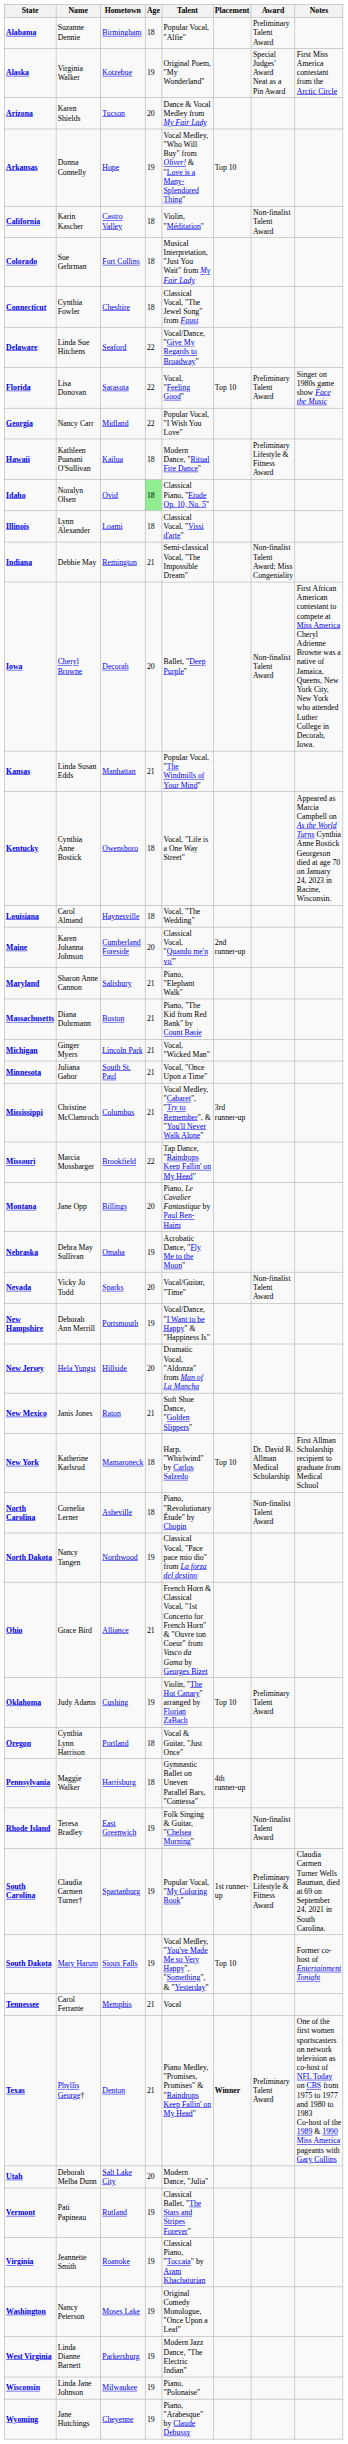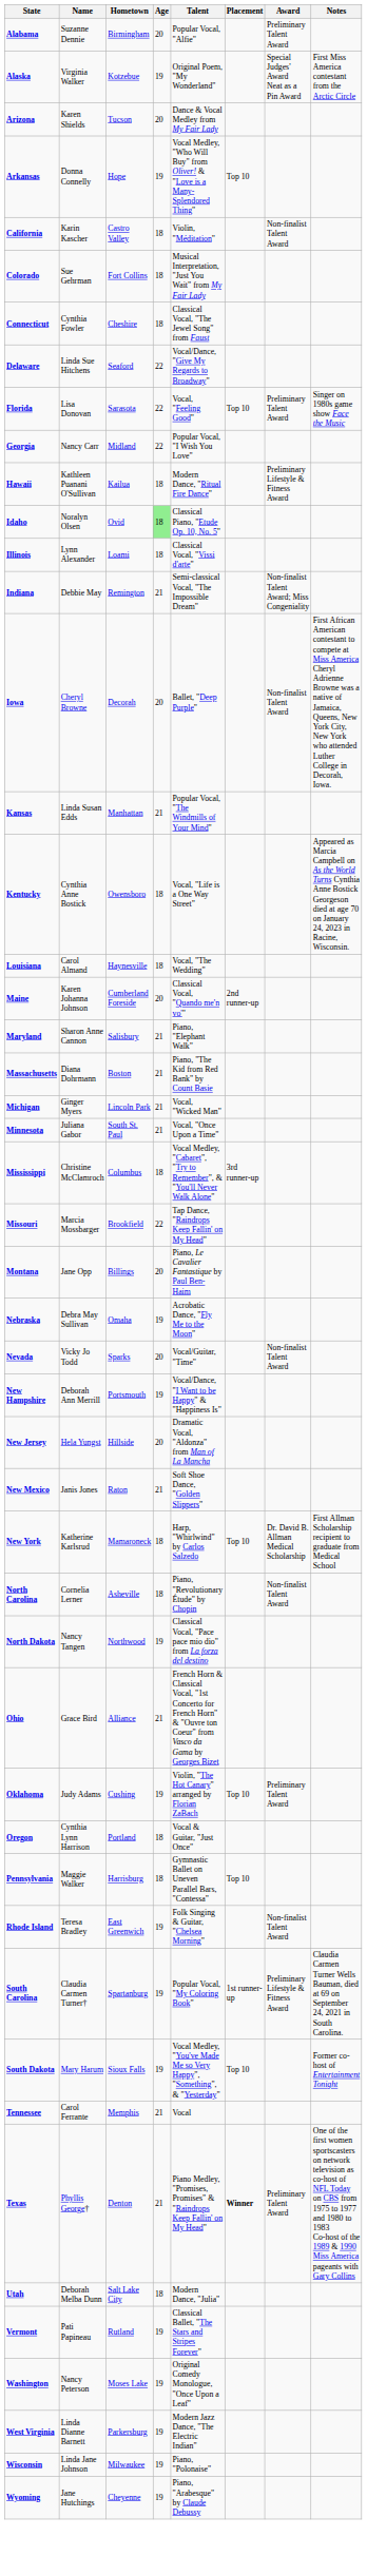 <table class="wikitable" style="width:100%; font-size:90%;">
 <tr>
 <th>State</th>
 <th>Name</th>
 <th>Hometown</th>
 <th>Age</th>
 <th>Talent</th>
 <th>Placement</th>
 <th>Award</th>
 <th>Notes</th>
 </tr>
 <tr>
 <td> <strong><a href='#'>Alabama</a></strong></td>
 <td>Suzanne Dennie</td>
 <td><a href='#'>Birmingham</a></td>
-<td>18</td>
+<td>20</td>
 <td>Popular Vocal, "Alfie"</td>
 <td></td>
 <td>Preliminary Talent Award</td>
 <td></td>
 </tr>
 <tr>
 <td> <strong><a href='#'>Alaska</a></strong></td>
 <td>Virginia Walker</td>
 <td><a href='#'>Kotzebue</a></td>
 <td>19</td>
 <td>Original Poem, "My Wonderland"</td>
 <td></td>
 <td>Special Judges' Award<br>Neat as a Pin Award</td>
 <td>First Miss America contestant from the <a href='#'>Arctic Circle</a></td>
 </tr>
 <tr>
 <td> <strong><a href='#'>Arizona</a></strong></td>
 <td>Karen Shields</td>
 <td><a href='#'>Tucson</a></td>
 <td>20</td>
 <td>Dance & Vocal Medley from <em><a href='#'>My Fair Lady</a></em></td>
 <td></td>
 <td></td>
 <td></td>
 </tr>
 <tr>
 <td> <strong><a href='#'>Arkansas</a></strong></td>
 <td>Donna Connelly</td>
 <td><a href='#'>Hope</a></td>
 <td>19</td>
 <td>Vocal Medley, "Who Will Buy" from <em><a href='#'>Oliver!</a></em> & "<a href='#'>Love is a Many-Splendored Thing</a>"</td>
 <td>Top 10</td>
 <td></td>
 <td></td>
 </tr>
 <tr>
 <td> <strong><a href='#'>California</a></strong></td>
 <td>Karin Kascher</td>
 <td><a href='#'>Castro Valley</a></td>
 <td>18</td>
 <td>Violin, "<a href='#'>Méditation</a>"</td>
 <td></td>
 <td>Non-finalist Talent Award</td>
 <td></td>
 </tr>
 <tr>
 <td> <strong><a href='#'>Colorado</a></strong></td>
 <td>Sue Gehrman</td>
 <td><a href='#'>Fort Collins</a></td>
 <td>18</td>
 <td>Musical Interpretation, "Just You Wait" from <em><a href='#'>My Fair Lady</a></em></td>
 <td></td>
 <td></td>
 <td></td>
 </tr>
 <tr>
 <td> <strong><a href='#'>Connecticut</a></strong></td>
 <td>Cynthia Fowler</td>
 <td><a href='#'>Cheshire</a></td>
 <td>18</td>
 <td>Classical Vocal, "The Jewel Song" from <em><a href='#'>Faust</a></em></td>
 <td></td>
 <td></td>
 <td></td>
 </tr>
 <tr>
 <td> <strong><a href='#'>Delaware</a></strong></td>
 <td>Linda Sue Hitchens</td>
 <td><a href='#'>Seaford</a></td>
 <td>22</td>
 <td>Vocal/Dance, "<a href='#'>Give My Regards to Broadway</a>"</td>
 <td></td>
 <td></td>
 <td></td>
 </tr>
 <tr>
 <td> <strong><a href='#'>Florida</a></strong></td>
 <td>Lisa Donovan</td>
 <td><a href='#'>Sarasota</a></td>
 <td>22</td>
 <td>Vocal, "<a href='#'>Feeling Good</a>"</td>
 <td>Top 10</td>
 <td>Preliminary Talent Award</td>
 <td>Singer on 1980s game show <em><a href='#'>Face the Music</a></em></td>
 </tr>
 <tr>
 <td> <strong><a href='#'>Georgia</a></strong></td>
 <td>Nancy Carr</td>
 <td><a href='#'>Midland</a></td>
 <td>22</td>
 <td>Popular Vocal, "I Wish You Love"</td>
 <td></td>
 <td></td>
 <td></td>
 </tr>
 <tr>
 <td> <strong><a href='#'>Hawaii</a></strong></td>
 <td>Kathleen Puanani O'Sullivan</td>
 <td><a href='#'>Kailua</a></td>
 <td>18</td>
 <td>Modern Dance, "<a href='#'>Ritual Fire Dance</a>"</td>
 <td></td>
 <td>Preliminary Lifestyle & Fitness Award</td>
 <td></td>
 </tr>
 <tr>
 <td> <strong><a href='#'>Idaho</a></strong></td>
 <td>Noralyn Olsen</td>
 <td><a href='#'>Ovid</a></td>
 <td style="background: lightgreen;">18</td>
 <td>Classical Piano, "<a href='#'>Etude Op. 10, No. 5</a>"</td>
 <td></td>
 <td></td>
 <td></td>
 </tr>
 <tr>
 <td> <strong><a href='#'>Illinois</a></strong></td>
 <td>Lynn Alexander</td>
 <td><a href='#'>Loami</a></td>
 <td>18</td>
 <td>Classical Vocal, "<a href='#'>Vissi d'arte</a>"</td>
 <td></td>
 <td></td>
 <td></td>
 </tr>
 <tr>
 <td> <strong><a href='#'>Indiana</a></strong></td>
 <td>Debbie May</td>
 <td><a href='#'>Remington</a></td>
 <td>21</td>
 <td>Semi-classical Vocal, "The Impossible Dream"</td>
 <td></td>
 <td>Non-finalist Talent Award; Miss Congeniality</td>
 <td></td>
 </tr>
 <tr>
 <td> <strong><a href='#'>Iowa</a></strong></td>
 <td><a href='#'>Cheryl Browne</a></td>
 <td><a href='#'>Decorah</a></td>
 <td>20</td>
 <td>Ballet, "<a href='#'>Deep Purple</a>"</td>
 <td></td>
 <td>Non-finalist Talent Award</td>
 <td>First African American contestant to compete at <a href='#'>Miss America</a> Cheryl Adrienne Browne was a native of Jamaica, Queens, New York City, New York who attended Luther College in Decorah, Iowa.</td>
 </tr>
 <tr>
 <td> <strong><a href='#'>Kansas</a></strong></td>
 <td>Linda Susan Edds</td>
 <td><a href='#'>Manhattan</a></td>
 <td>21</td>
 <td>Popular Vocal, "<a href='#'>The Windmills of Your Mind</a>"</td>
 <td></td>
 <td></td>
 <td></td>
 </tr>
 <tr>
 <td> <strong><a href='#'>Kentucky</a></strong></td>
 <td>Cynthia Anne Bostick</td>
 <td><a href='#'>Owensboro</a></td>
 <td>18</td>
 <td>Vocal, "Life is a One Way Street"</td>
 <td></td>
 <td></td>
 <td>Appeared as Marcia Campbell on <em><a href='#'>As the World Turns</a></em> Cynthia Anne Bostick Georgeson died at age 70 on January 24, 2023 in Racine, Wisconsin.</td>
 </tr>
 <tr>
 <td> <strong><a href='#'>Louisiana</a></strong></td>
 <td>Carol Almand</td>
 <td><a href='#'>Haynesville</a></td>
 <td>18</td>
 <td>Vocal, "The Wedding"</td>
 <td></td>
 <td></td>
 <td></td>
 </tr>
 <tr>
 <td> <strong><a href='#'>Maine</a></strong></td>
 <td>Karen Johanna Johnson</td>
 <td><a href='#'>Cumberland Foreside</a></td>
 <td>20</td>
 <td>Classical Vocal, "<a href='#'>Quando me'n vo'</a>"</td>
 <td>2nd runner-up</td>
 <td></td>
 <td></td>
 </tr>
 <tr>
 <td> <strong><a href='#'>Maryland</a></strong></td>
 <td>Sharon Anne Cannon</td>
 <td><a href='#'>Salisbury</a></td>
 <td>21</td>
 <td>Piano, "Elephant Walk"</td>
 <td></td>
 <td></td>
 <td></td>
 </tr>
 <tr>
 <td> <strong><a href='#'>Massachusetts</a></strong></td>
 <td>Diana Dohrmann</td>
 <td><a href='#'>Boston</a></td>
 <td>21</td>
 <td>Piano, "The Kid from Red Bank" by <a href='#'>Count Basie</a></td>
 <td></td>
 <td></td>
 <td></td>
 </tr>
 <tr>
 <td> <strong><a href='#'>Michigan</a></strong></td>
 <td>Ginger Myers</td>
 <td><a href='#'>Lincoln Park</a></td>
 <td>21</td>
 <td>Vocal, "Wicked Man"</td>
 <td></td>
 <td></td>
 <td></td>
 </tr>
 <tr>
 <td> <strong><a href='#'>Minnesota</a></strong></td>
 <td>Juliana Gabor</td>
 <td><a href='#'>South St. Paul</a></td>
 <td>21</td>
 <td>Vocal, "Once Upon a Time"</td>
 <td></td>
 <td></td>
 <td></td>
 </tr>
 <tr>
 <td> <strong><a href='#'>Mississippi</a></strong></td>
 <td>Christine McClamroch</td>
 <td><a href='#'>Columbus</a></td>
-<td>21</td>
+<td>18</td>
 <td>Vocal Medley, "<a href='#'>Cabaret</a>", "<a href='#'>Try to Remember</a>", & "<a href='#'>You'll Never Walk Alone</a>"</td>
 <td>3rd runner-up</td>
 <td></td>
 <td></td>
 </tr>
 <tr>
 <td> <strong><a href='#'>Missouri</a></strong></td>
 <td>Marcia Mossbarger</td>
 <td><a href='#'>Brookfield</a></td>
 <td>22</td>
 <td>Tap Dance, "<a href='#'>Raindrops Keep Fallin' on My Head</a>"</td>
 <td></td>
 <td></td>
 <td></td>
 </tr>
 <tr>
 <td> <strong><a href='#'>Montana</a></strong></td>
 <td>Jane Opp</td>
 <td><a href='#'>Billings</a></td>
 <td>20</td>
 <td>Piano, <em>Le Cavalier Fantastique</em> by <a href='#'>Paul Ben-Haim</a></td>
 <td></td>
 <td></td>
 <td></td>
 </tr>
 <tr>
 <td> <strong><a href='#'>Nebraska</a></strong></td>
 <td>Debra May Sullivan</td>
 <td><a href='#'>Omaha</a></td>
 <td>19</td>
 <td>Acrobatic Dance, "<a href='#'>Fly Me to the Moon</a>"</td>
 <td></td>
 <td></td>
 <td></td>
 </tr>
 <tr>
 <td> <strong><a href='#'>Nevada</a></strong></td>
 <td>Vicky Jo Todd</td>
 <td><a href='#'>Sparks</a></td>
 <td>20</td>
 <td>Vocal/Guitar, "Time"</td>
 <td></td>
 <td>Non-finalist Talent Award</td>
 <td></td>
 </tr>
 <tr>
 <td> <strong><a href='#'>New Hampshire</a></strong></td>
 <td>Deborah Ann Merrill</td>
 <td><a href='#'>Portsmouth</a></td>
 <td>19</td>
 <td>Vocal/Dance, "<a href='#'>I Want to be Happy</a>" & "Happiness Is"</td>
 <td></td>
 <td></td>
 <td></td>
 </tr>
 <tr>
 <td> <strong><a href='#'>New Jersey</a></strong></td>
 <td><a href='#'>Hela Yungst</a></td>
 <td><a href='#'>Hillside</a></td>
 <td>20</td>
 <td>Dramatic Vocal, "Aldonza" from <em><a href='#'>Man of La Mancha</a></em></td>
 <td></td>
 <td></td>
 <td></td>
 </tr>
 <tr>
 <td> <strong><a href='#'>New Mexico</a></strong></td>
 <td>Janis Jones</td>
 <td><a href='#'>Raton</a></td>
 <td>21</td>
 <td>Soft Shoe Dance, "<a href='#'>Golden Slippers</a>"</td>
 <td></td>
 <td></td>
 <td></td>
 </tr>
 <tr>
 <td> <strong><a href='#'>New York</a></strong></td>
 <td>Katherine Karlsrud</td>
 <td><a href='#'>Mamaroneck</a></td>
 <td>18</td>
 <td>Harp, "Whirlwind" by <a href='#'>Carlos Salzedo</a></td>
 <td>Top 10</td>
 <td>Dr. David B. Allman Medical Scholarship</td>
 <td>First Allman Scholarship recipient to graduate from Medical School</td>
 </tr>
 <tr>
 <td> <strong><a href='#'>North Carolina</a></strong></td>
 <td>Cornelia Lerner</td>
 <td><a href='#'>Asheville</a></td>
 <td>18</td>
 <td>Piano, "Revolutionary Étude" by <a href='#'>Chopin</a></td>
 <td></td>
 <td>Non-finalist Talent Award</td>
 <td></td>
 </tr>
 <tr>
 <td> <strong><a href='#'>North Dakota</a></strong></td>
 <td>Nancy Tangen</td>
 <td><a href='#'>Northwood</a></td>
 <td>19</td>
 <td>Classical Vocal, "Pace pace mio dio" from <em><a href='#'>La forza del destino</a></em></td>
 <td></td>
 <td></td>
 <td></td>
 </tr>
 <tr>
 <td> <strong><a href='#'>Ohio</a></strong></td>
 <td>Grace Bird</td>
 <td><a href='#'>Alliance</a></td>
 <td>21</td>
 <td>French Horn & Classical Vocal, "1st Concerto for French Horn" & "Ouvre ton Coeur" from <em>Vasco da Gama</em> by <a href='#'>Georges Bizet</a></td>
 <td></td>
 <td></td>
 <td></td>
 </tr>
 <tr>
 <td> <strong><a href='#'>Oklahoma</a></strong></td>
 <td>Judy Adams</td>
 <td><a href='#'>Cushing</a></td>
 <td>19</td>
 <td>Violin, "<a href='#'>The Hot Canary</a>" arranged by <a href='#'>Florian ZaBach</a></td>
 <td>Top 10</td>
 <td>Preliminary Talent Award</td>
 <td></td>
 </tr>
 <tr>
 <td> <strong><a href='#'>Oregon</a></strong></td>
 <td>Cynthia Lynn Harrison</td>
 <td><a href='#'>Portland</a></td>
 <td>18</td>
 <td>Vocal & Guitar, "Just Once"</td>
 <td></td>
 <td></td>
 <td></td>
 </tr>
 <tr>
 <td> <strong><a href='#'>Pennsylvania</a></strong></td>
 <td>Maggie Walker</td>
 <td><a href='#'>Harrisburg</a></td>
 <td>18</td>
 <td>Gymnastic Ballet on Uneven Parallel Bars, "Contessa"</td>
-<td>4th runner-up</td>
+<td>Top 10</td>
 <td></td>
 <td></td>
 </tr>
 <tr>
 <td> <strong><a href='#'>Rhode Island</a></strong></td>
 <td>Teresa Bradley</td>
 <td><a href='#'>East Greenwich</a></td>
 <td>19</td>
 <td>Folk Singing & Guitar, "<a href='#'>Chelsea Morning</a>"</td>
 <td></td>
 <td>Non-finalist Talent Award</td>
 <td></td>
 </tr>
 <tr>
 <td> <strong><a href='#'>South Carolina</a></strong></td>
 <td>Claudia Carmen Turner†</td>
 <td><a href='#'>Spartanburg</a></td>
 <td>19</td>
 <td>Popular Vocal, "<a href='#'>My Coloring Book</a>"</td>
 <td>1st runner-up</td>
 <td>Preliminary Lifestyle & Fitness Award</td>
 <td>Claudia Carmen Turner Wells Bauman, died at 69 on September 24, 2021 in South Carolina.</td>
 </tr>
 <tr>
 <td> <strong><a href='#'>South Dakota</a></strong></td>
 <td><a href='#'>Mary Harum</a></td>
 <td><a href='#'>Sioux Falls</a></td>
 <td>19</td>
 <td>Vocal Medley, "<a href='#'>You've Made Me so Very Happy</a>", "<a href='#'>Something</a>", & "<a href='#'>Yesterday</a>"</td>
 <td>Top 10</td>
 <td></td>
 <td>Former co-host of <em><a href='#'>Entertainment Tonight</a></em></td>
 </tr>
 <tr>
 <td> <strong><a href='#'>Tennessee</a></strong></td>
 <td>Carol Ferrante</td>
 <td><a href='#'>Memphis</a></td>
 <td>21</td>
 <td>Vocal</td>
 <td></td>
 <td></td>
 <td></td>
 </tr>
 <tr>
 <td> <strong><a href='#'>Texas</a></strong></td>
 <td><a href='#'>Phyllis George</a>†</td>
 <td><a href='#'>Denton</a></td>
 <td>21</td>
 <td>Piano Medley, "Promises, Promises" & "<a href='#'>Raindrops Keep Fallin' on My Head</a>"</td>
 <td><strong>Winner</strong></td>
 <td>Preliminary Talent Award</td>
 <td>One of the first women sportscasters on network television as co-host of <a href='#'>NFL Today</a> on <a href='#'>CBS</a> from 1975 to 1977 and 1980 to 1983<br>Co-host of the <a href='#'>1989</a> & <a href='#'>1990</a> <a href='#'>Miss America</a> pageants with <a href='#'>Gary Collins</a></td>
 </tr>
 <tr>
 <td> <strong><a href='#'>Utah</a></strong></td>
 <td>Deborah Melba Dunn</td>
 <td><a href='#'>Salt Lake City</a></td>
-<td>20</td>
+<td>18</td>
 <td>Modern Dance, "Julia"</td>
 <td></td>
 <td></td>
 <td></td>
 </tr>
 <tr>
 <td> <strong><a href='#'>Vermont</a></strong></td>
 <td>Pati Papineau</td>
 <td><a href='#'>Rutland</a></td>
 <td>19</td>
 <td>Classical Ballet, "<a href='#'>The Stars and Stripes Forever</a>"</td>
-<td></td>
-<td></td>
-<td></td>
-</tr>
-<tr>
-<td> <strong><a href='#'>Virginia</a></strong></td>
-<td>Jeannette Smith</td>
-<td><a href='#'>Roanoke</a></td>
-<td>19</td>
-<td>Classical Piano, "<a href='#'>Toccata</a>" by <a href='#'>Aram Khachaturian</a></td>
 <td></td>
 <td></td>
 <td></td>
 </tr>
 <tr>
 <td> <strong><a href='#'>Washington</a></strong></td>
 <td>Nancy Peterson</td>
 <td><a href='#'>Moses Lake</a></td>
 <td>19</td>
 <td>Original Comedy Monologue, "Once Upon a Leaf"</td>
 <td></td>
 <td></td>
 <td></td>
 </tr>
 <tr>
 <td> <strong><a href='#'>West Virginia</a></strong></td>
 <td>Linda Dianne Barnett</td>
 <td><a href='#'>Parkersburg</a></td>
 <td>19</td>
 <td>Modern Jazz Dance, "The Electric Indian"</td>
 <td></td>
 <td></td>
 <td></td>
 </tr>
 <tr>
 <td> <strong><a href='#'>Wisconsin</a></strong></td>
 <td>Linda Jane Johnson</td>
 <td><a href='#'>Milwaukee</a></td>
 <td>19</td>
 <td>Piano, "Polonaise"</td>
 <td></td>
 <td></td>
 <td></td>
 </tr>
 <tr>
 <td> <strong><a href='#'>Wyoming</a></strong></td>
 <td>Jane Hutchings</td>
 <td><a href='#'>Cheyenne</a></td>
 <td>19</td>
 <td>Piano, "Arabesque" by <a href='#'>Claude Debussy</a></td>
 <td></td>
 <td></td>
 <td></td>
 </tr>
 </table>
